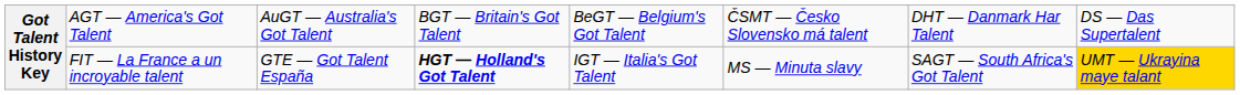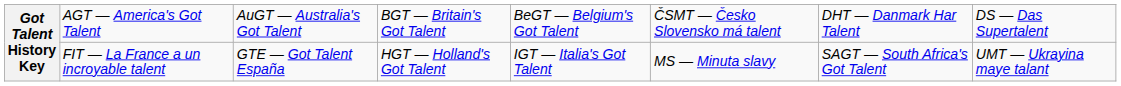 <table class="wikitable" style="width:100%;">
 <tr>
 <th rowspan="5" style="width:4%;"><em>Got Talent</em> History Key</th>
 <td><em>AGT</em> — <em><a href='#'>America's Got Talent</a></em></td>
 <td><em>AuGT</em> — <em><a href='#'>Australia's Got Talent</a></em></td>
 <td><em>BGT</em> — <em><a href='#'>Britain's Got Talent</a></em></td>
 <td><em>BeGT</em> — <em><a href='#'>Belgium's Got Talent</a></em></td>
 <td><em>ČSMT</em> — <em><a href='#'>Česko Slovensko má talent</a></em></td>
 <td><em>DHT</em> — <em><a href='#'>Danmark Har Talent</a></em></td>
 <td><em>DS</em> — <em><a href='#'>Das Supertalent</a></em></td>
 </tr>
 <tr>
 <td><em>FIT</em> — <em><a href='#'>La France a un incroyable talent</a></em></td>
 <td><em>GTE</em> — <em><a href='#'>Got Talent España</a></em></td>
-<td><strong><em>HGT</em> — <em><a href='#'>Holland's Got Talent</a></em></strong></td>
+<td><em>HGT</em> — <em><a href='#'>Holland's Got Talent</a></em></td>
 <td><em>IGT</em> — <em><a href='#'>Italia's Got Talent</a></em></td>
 <td><em>MS</em> — <em><a href='#'>Minuta slavy</a></em></td>
 <td><em>SAGT</em> — <em><a href='#'>South Africa's Got Talent</a></em></td>
-<td style="background: gold;"><em>UMT</em> — <em><a href='#'>Ukrayina maye talant</a></em></td>
+<td><em>UMT</em> — <em><a href='#'>Ukrayina maye talant</a></em></td>
 </tr>
 </table>
